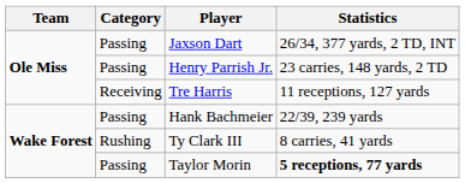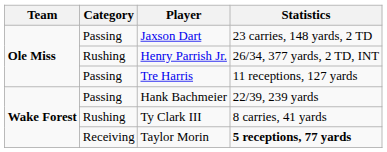 <table class="wikitable" style="float: right;">
 <tr>
 <th>Team</th>
 <th>Category</th>
 <th>Player</th>
 <th>Statistics</th>
 </tr>
 <tr>
 <td rowspan=3><strong>Ole Miss</strong></td>
 <td>Passing</td>
 <td><a href='#'>Jaxson Dart</a></td>
+<td>23 carries, 148 yards, 2 TD</td>
+</tr>
+<tr>
+<td>Rushing</td>
+<td><a href='#'>Henry Parrish Jr.</a></td>
 <td>26/34, 377 yards, 2 TD, INT</td>
 </tr>
 <tr>
 <td>Passing</td>
-<td><a href='#'>Henry Parrish Jr.</a></td>
-<td>23 carries, 148 yards, 2 TD</td>
-</tr>
-<tr>
-<td>Receiving</td>
 <td><a href='#'>Tre Harris</a></td>
 <td>11 receptions, 127 yards</td>
 </tr>
 <tr>
 <td rowspan=3><strong>Wake Forest</strong></td>
 <td>Passing</td>
 <td>Hank Bachmeier</td>
 <td>22/39, 239 yards</td>
 </tr>
 <tr>
 <td>Rushing</td>
 <td>Ty Clark III</td>
 <td>8 carries, 41 yards</td>
 </tr>
 <tr>
-<td>Passing</td>
+<td>Receiving</td>
 <td>Taylor Morin</td>
 <td><strong>5 receptions, 77 yards</strong></td>
 </tr>
 </table>
